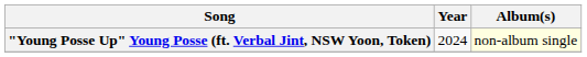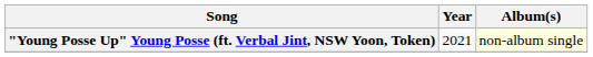 <table class="wikitable plainrowheaders" style="text-align:center;">
 <tr>
 <th>Song</th>
 <th>Year</th>
 <th>Album(s)</th>
 </tr>
 <tr>
 <th scope="row">"Young Posse Up" <a href='#'>Young Posse</a> (ft. <a href='#'>Verbal Jint</a>, NSW Yoon, Token)</th>
-<td scope="row">2024</td>
+<td scope="row">2021</td>
 <td scope="row" style="background: lightyellow;">non-album single</td>
 </tr>
 <tr>
 </tr>
 </table>
